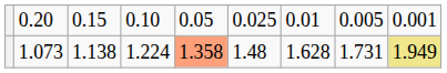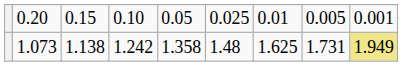 <table class="wikitable">
 <tr>
 <th></th>
 <td>0.20</td>
 <td>0.15</td>
 <td>0.10</td>
 <td>0.05</td>
 <td>0.025</td>
 <td>0.01</td>
 <td>0.005</td>
 <td>0.001</td>
 </tr>
 <tr>
 <th></th>
 <td>1.073</td>
 <td>1.138</td>
-<td>1.224</td>
-<td style="background: lightsalmon;">1.358</td>
+<td>1.242</td>
+<td>1.358</td>
 <td>1.48</td>
-<td>1.628</td>
+<td>1.625</td>
 <td>1.731</td>
 <td style="background: khaki;">1.949</td>
 </tr>
 </table>
